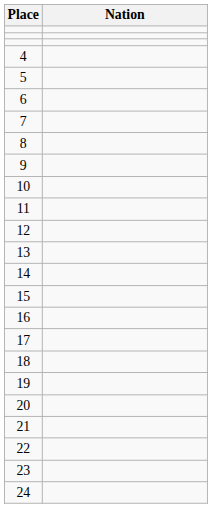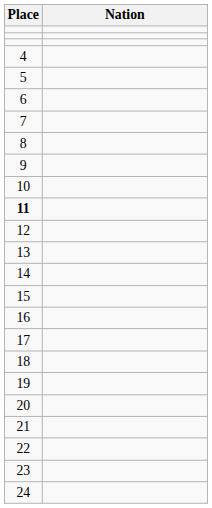 <table class=wikitable style=text-align:center>
 <tr>
 <th width=35>Place</th>
 <th width=185>Nation</th>
 </tr>
 <tr>
 <td></td>
 <td style=text-align:left></td>
 </tr>
 <tr>
 <td></td>
 <td style=text-align:left></td>
 </tr>
 <tr>
 <td></td>
 <td style=text-align:left></td>
 </tr>
 <tr>
 <td>4</td>
 <td style=text-align:left></td>
 </tr>
 <tr>
 <td>5</td>
 <td style=text-align:left></td>
 </tr>
 <tr>
 <td>6</td>
 <td style=text-align:left></td>
 </tr>
 <tr>
 <td>7</td>
 <td style=text-align:left></td>
 </tr>
 <tr>
 <td>8</td>
 <td style=text-align:left></td>
 </tr>
 <tr>
 <td>9</td>
 <td style=text-align:left></td>
 </tr>
 <tr>
 <td>10</td>
 <td style=text-align:left></td>
 </tr>
 <tr>
-<td>11</td>
+<td><strong>11</strong></td>
 <td style=text-align:left></td>
 </tr>
 <tr>
 <td>12</td>
 <td style=text-align:left></td>
 </tr>
 <tr>
 <td>13</td>
 <td style=text-align:left></td>
 </tr>
 <tr>
 <td>14</td>
 <td style=text-align:left></td>
 </tr>
 <tr>
 <td>15</td>
 <td style=text-align:left></td>
 </tr>
 <tr>
 <td>16</td>
 <td style=text-align:left></td>
 </tr>
 <tr>
 <td>17</td>
 <td style=text-align:left></td>
 </tr>
 <tr>
 <td>18</td>
 <td style=text-align:left></td>
 </tr>
 <tr>
 <td>19</td>
 <td style=text-align:left></td>
 </tr>
 <tr>
 <td>20</td>
 <td style=text-align:left></td>
 </tr>
 <tr>
 <td>21</td>
 <td style=text-align:left></td>
 </tr>
 <tr>
 <td>22</td>
 <td style=text-align:left></td>
 </tr>
 <tr>
 <td>23</td>
 <td style=text-align:left></td>
 </tr>
 <tr>
 <td>24</td>
 <td style=text-align:left></td>
 </tr>
 </table>
